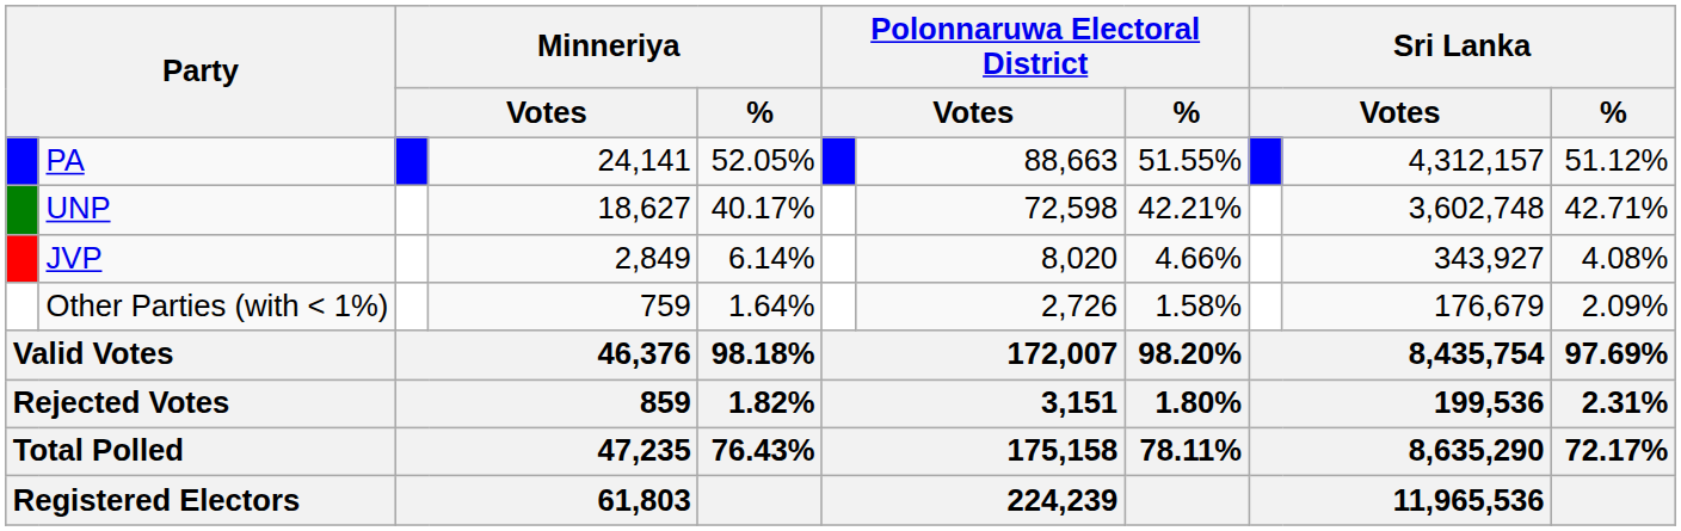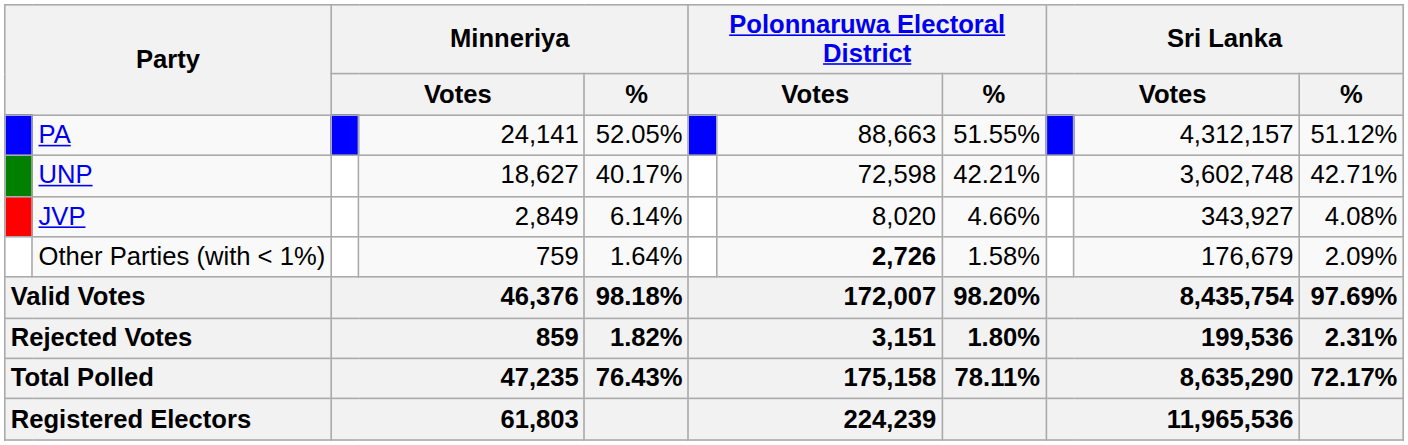 <table class="wikitable">
 <tr>
 <th colspan="2" width="144px"rowspan="2">Party</th>
 <th colspan="3" width="216px">Minneriya</th>
 <th colspan="3" width="216px"><a href='#'>Polonnaruwa Electoral District</a></th>
 <th colspan="3" width="216px">Sri Lanka</th>
 </tr>
 <tr>
 <th colspan="2" width="144px">Votes</th>
 <th>%</th>
 <th colspan="2" width="144px">Votes</th>
 <th>%</th>
 <th colspan="2" width="144px">Votes</th>
 <th>%</th>
 </tr>
 <tr>
 <td style="background-color:blue;" width="10px"></td>
 <td style="text-align:left;"><a href='#'>PA</a></td>
 <td style="background-color:blue;" width="10px"></td>
 <td style="text-align:right;">24,141</td>
 <td style="text-align:right;">52.05%</td>
 <td style="background-color:blue;" width="10px"></td>
 <td style="text-align:right;">88,663</td>
 <td style="text-align:right;">51.55%</td>
 <td style="background-color:blue;" width="10px"></td>
 <td style="text-align:right;">4,312,157</td>
 <td style="text-align:right;">51.12%</td>
 </tr>
 <tr>
 <td style="background-color:green;" width="10px"></td>
 <td style="text-align:left;"><a href='#'>UNP</a></td>
 <td style="background-color:white;" width="10px"></td>
 <td style="text-align:right;">18,627</td>
 <td style="text-align:right;">40.17%</td>
 <td style="background-color:white;" width="10px"></td>
 <td style="text-align:right;">72,598</td>
 <td style="text-align:right;">42.21%</td>
 <td style="background-color:white;" width="10px"></td>
 <td style="text-align:right;">3,602,748</td>
 <td style="text-align:right;">42.71%</td>
 </tr>
 <tr>
 <td style="background-color:red;" width="10px"></td>
 <td style="text-align:left;"><a href='#'>JVP</a></td>
 <td style="background-color:white;" width="10px"></td>
 <td style="text-align:right;">2,849</td>
 <td style="text-align:right;">6.14%</td>
 <td style="background-color:white;" width="10px"></td>
 <td style="text-align:right;">8,020</td>
 <td style="text-align:right;">4.66%</td>
 <td style="background-color:white;" width="10px"></td>
 <td style="text-align:right;">343,927</td>
 <td style="text-align:right;">4.08%</td>
 </tr>
 <tr>
 <td style="background-color:white;" width="10px"></td>
 <td style="text-align:left;">Other Parties (with < 1%)</td>
 <td style="background-color:white;" width="10px"></td>
 <td style="text-align:right;">759</td>
 <td style="text-align:right;">1.64%</td>
 <td style="background-color:white;" width="10px"></td>
-<td style="text-align:right;">2,726</td>
+<td style="text-align:right;"><strong>2,726</strong></td>
 <td style="text-align:right;">1.58%</td>
 <td style="background-color:white;" width="10px"></td>
 <td style="text-align:right;">176,679</td>
 <td style="text-align:right;">2.09%</td>
 </tr>
 <tr>
 <th colspan="2" width="144px"style="text-align:left;">Valid Votes</th>
 <th style="text-align:right;"colspan="2" width="144px">46,376</th>
 <th style="text-align:right;">98.18%</th>
 <th style="text-align:right;"colspan="2" width="144px">172,007</th>
 <th style="text-align:right;">98.20%</th>
 <th style="text-align:right;"colspan="2" width="144px">8,435,754</th>
 <th style="text-align:right;">97.69%</th>
 </tr>
 <tr>
 <th colspan="2" width="144px"style="text-align:left;">Rejected Votes</th>
 <th style="text-align:right;"colspan="2" width="144px">859</th>
 <th style="text-align:right;">1.82%</th>
 <th style="text-align:right;"colspan="2" width="144px">3,151</th>
 <th style="text-align:right;">1.80%</th>
 <th style="text-align:right;"colspan="2" width="144px">199,536</th>
 <th style="text-align:right;">2.31%</th>
 </tr>
 <tr>
 <th colspan="2" width="144px"style="text-align:left;">Total Polled</th>
 <th style="text-align:right;"colspan="2" width="144px">47,235</th>
 <th style="text-align:right;">76.43%</th>
 <th style="text-align:right;"colspan="2" width="144px">175,158</th>
 <th style="text-align:right;">78.11%</th>
 <th style="text-align:right;"colspan="2" width="144px">8,635,290</th>
 <th style="text-align:right;">72.17%</th>
 </tr>
 <tr>
 <th colspan="2" width="144px"style="text-align:left;">Registered Electors</th>
 <th style="text-align:right;"colspan="2" width="144px">61,803</th>
 <th></th>
 <th style="text-align:right;"colspan="2" width="144px">224,239</th>
 <th></th>
 <th style="text-align:right;"colspan="2" width="144px">11,965,536</th>
 <th></th>
 </tr>
 </table>
